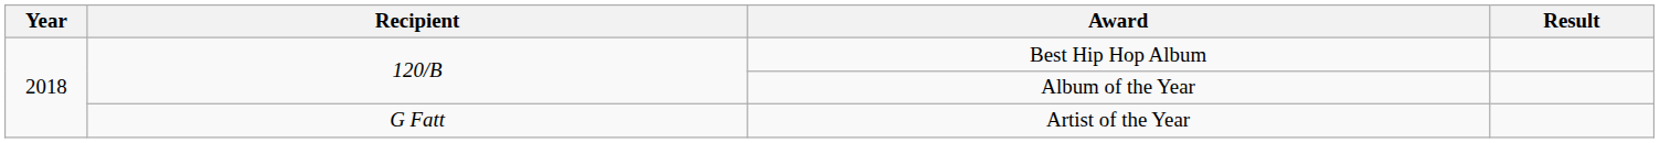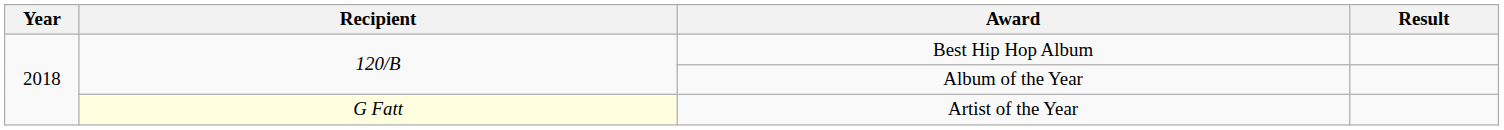 <table class="wikitable" style="width:80%;">
 <tr>
 <th width="5%">Year</th>
 <th style="width:40%;">Recipient</th>
 <th style="width:45%;">Award</th>
 <th style="width:10%;">Result</th>
 </tr>
 <tr>
 <td rowspan="3" style="text-align:center;">2018</td>
 <td rowspan="2" style="text-align:center;"><em>120/B</em></td>
 <td style="text-align:center;">Best Hip Hop Album</td>
 <td></td>
 </tr>
 <tr>
 <td style="text-align:center;">Album of the Year</td>
 <td></td>
 </tr>
 <tr>
-<td rowspan="1" style="text-align:center;"><em>G Fatt</em></td>
+<td rowspan="1" style="background: lightyellow; text-align:center;"><em>G Fatt</em></td>
 <td style="text-align:center;">Artist of the Year</td>
 <td></td>
 </tr>
 </table>
